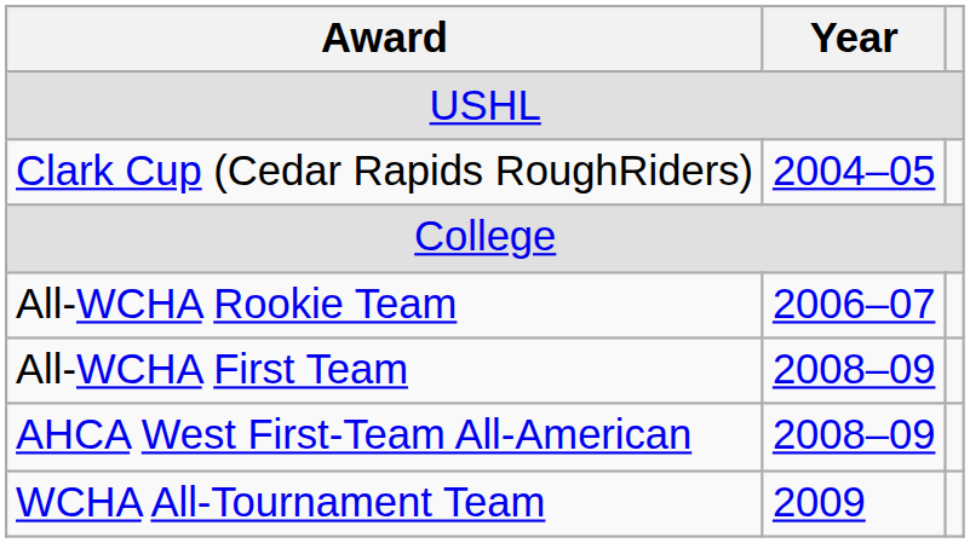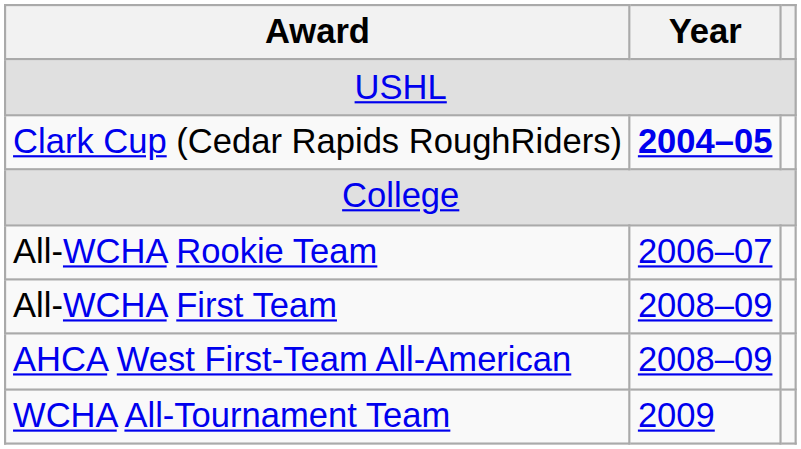 <table class="wikitable">
 <tr>
 <th>Award</th>
 <th>Year</th>
 <th></th>
 </tr>
 <tr ALIGN="center" bgcolor="#e0e0e0">
 <td colspan="3"><a href='#'>USHL</a></td>
 </tr>
 <tr>
 <td><a href='#'>Clark Cup</a> (Cedar Rapids RoughRiders)</td>
-<td><a href='#'>2004–05</a></td>
+<td><strong><a href='#'>2004–05</a></strong></td>
 <td></td>
 </tr>
 <tr ALIGN="center" bgcolor="#e0e0e0">
 <td colspan="3"><a href='#'>College</a></td>
 </tr>
 <tr>
 <td>All-<a href='#'>WCHA</a> <a href='#'>Rookie Team</a></td>
 <td><a href='#'>2006–07</a></td>
 <td></td>
 </tr>
 <tr>
 <td>All-<a href='#'>WCHA</a> <a href='#'>First Team</a></td>
 <td><a href='#'>2008–09</a></td>
 <td></td>
 </tr>
 <tr>
 <td><a href='#'>AHCA</a> <a href='#'>West First-Team All-American</a></td>
 <td><a href='#'>2008–09</a></td>
 <td></td>
 </tr>
 <tr>
 <td><a href='#'>WCHA</a> <a href='#'>All-Tournament Team</a></td>
 <td><a href='#'>2009</a></td>
 <td></td>
 </tr>
 </table>
